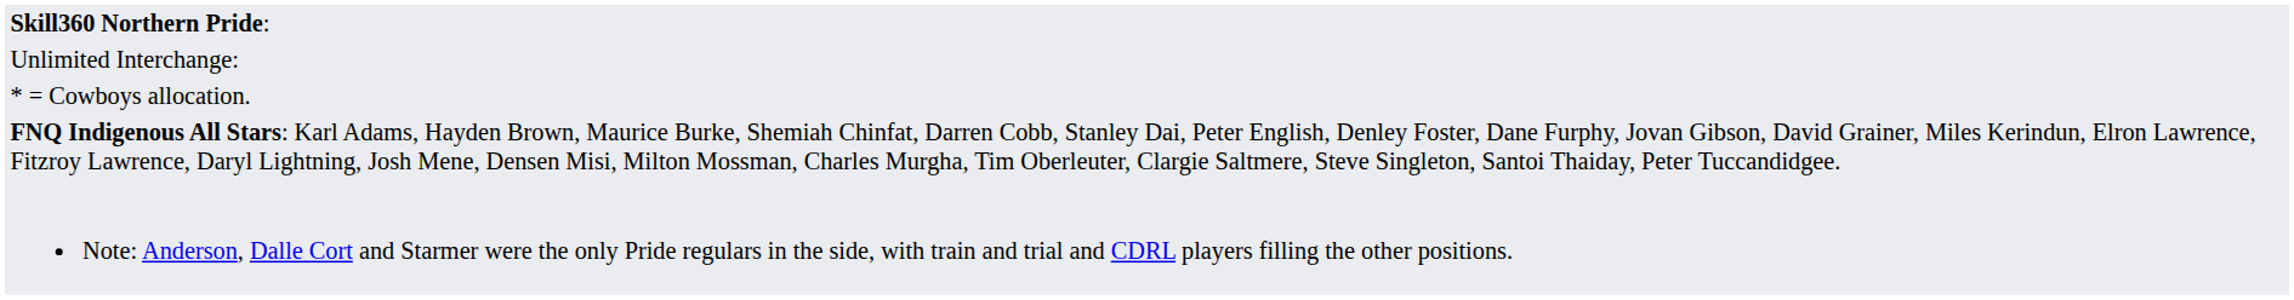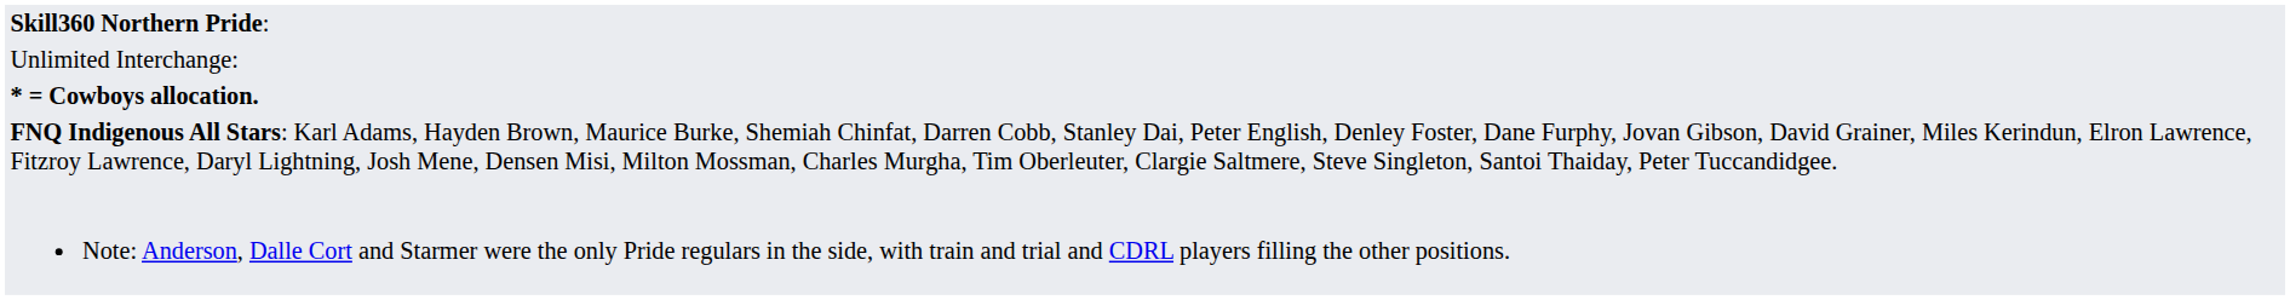 <table style="background:#eaecf0; font-size:85%; width:100%;">
 <tr>
 <td><strong>Skill360 Northern Pride</strong>:             </td>
 </tr>
 <tr>
 <td>Unlimited Interchange:      </td>
 </tr>
 <tr>
-<td>* = Cowboys allocation.</td>
+<td><strong>* = Cowboys allocation.</strong></td>
 </tr>
 <tr>
 <td><strong>FNQ Indigenous All Stars</strong>: Karl Adams, Hayden Brown, Maurice Burke, Shemiah Chinfat, Darren Cobb, Stanley Dai, Peter English, Denley Foster, Dane Furphy, Jovan Gibson, David Grainer, Miles Kerindun, Elron Lawrence, Fitzroy Lawrence, Daryl Lightning, Josh Mene, Densen Misi, Milton Mossman, Charles Murgha, Tim Oberleuter, Clargie Saltmere, Steve Singleton, Santoi Thaiday, Peter Tuccandidgee.</td>
 </tr>
 <tr>
 <td><br><ul><li>Note: <a href='#'>Anderson</a>, <a href='#'>Dalle Cort</a> and Starmer were the only Pride regulars in the side, with train and trial and <a href='#'>CDRL</a> players filling the other positions.</li></ul></td>
 </tr>
 </table>
